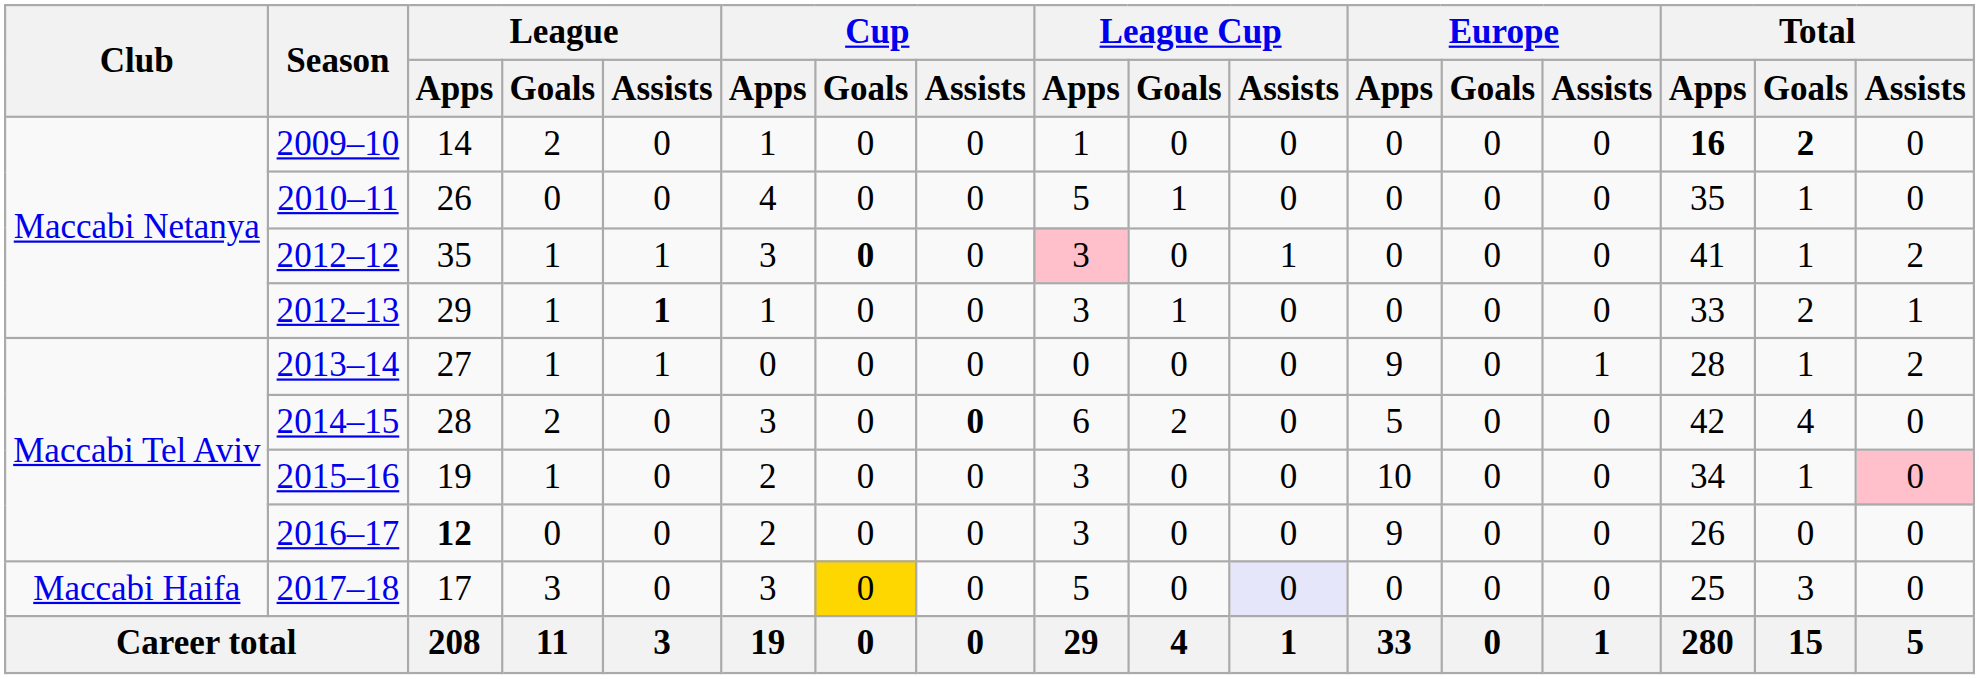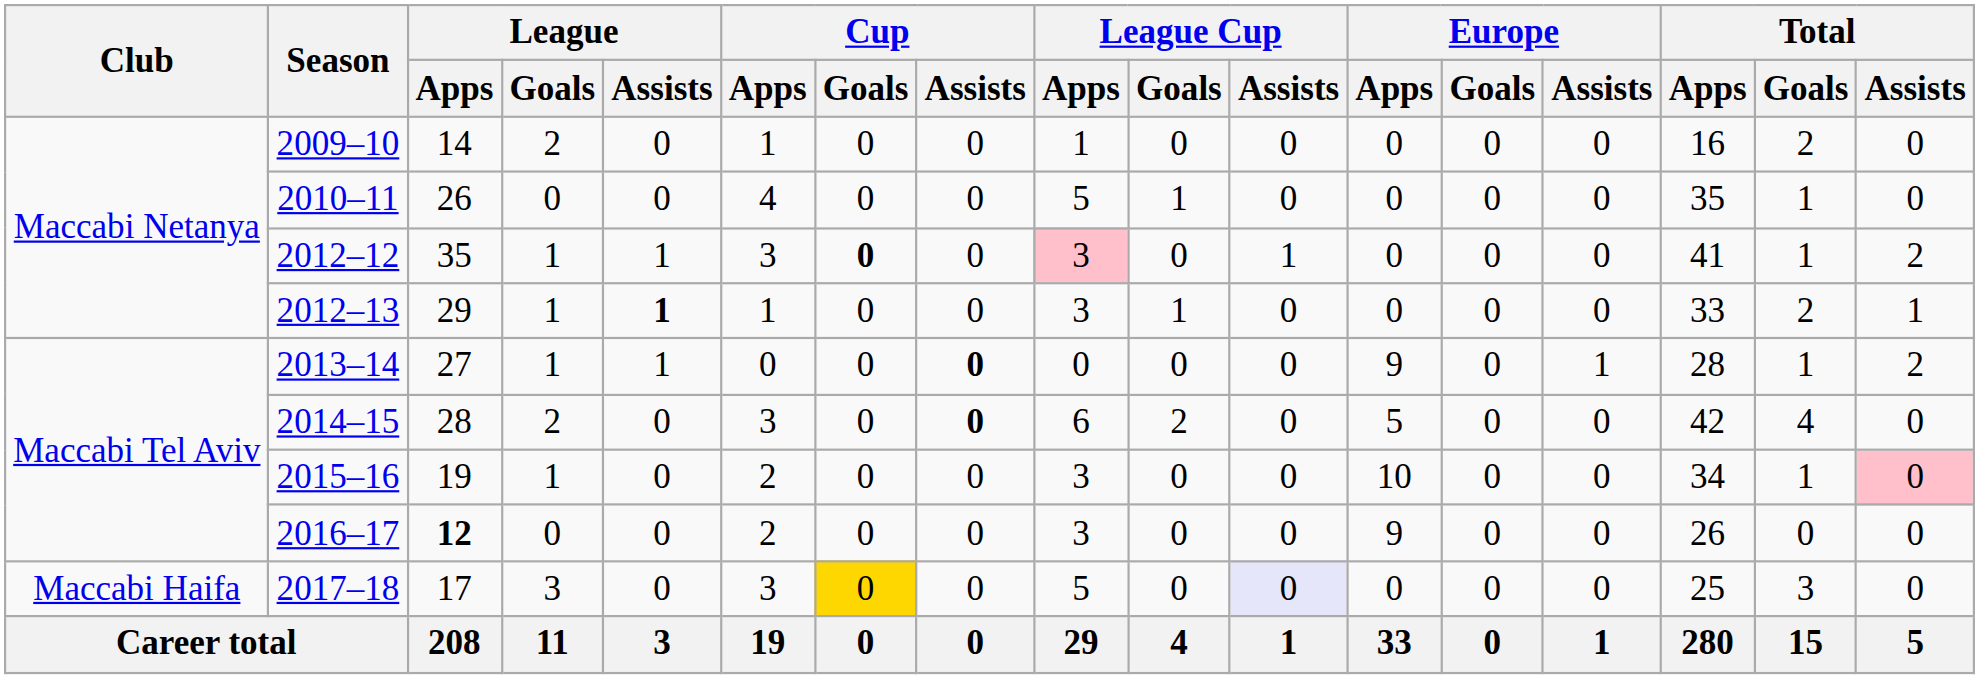 <table class="wikitable" style="text-align: center;">
 <tr>
 <th rowspan="2">Club</th>
 <th rowspan="2">Season</th>
 <th colspan="3">League</th>
 <th colspan="3"><a href='#'>Cup</a></th>
 <th colspan="3"><a href='#'>League Cup</a></th>
 <th colspan="3"><a href='#'>Europe</a></th>
 <th colspan="3">Total</th>
 </tr>
 <tr>
 <th>Apps</th>
 <th>Goals</th>
 <th>Assists</th>
 <th>Apps</th>
 <th>Goals</th>
 <th>Assists</th>
 <th>Apps</th>
 <th>Goals</th>
 <th>Assists</th>
 <th>Apps</th>
 <th>Goals</th>
 <th>Assists</th>
 <th>Apps</th>
 <th>Goals</th>
 <th>Assists</th>
 </tr>
 <tr |->
 <td rowspan="4"><a href='#'>Maccabi Netanya</a></td>
 <td><a href='#'>2009–10</a></td>
 <td>14</td>
 <td>2</td>
 <td>0</td>
 <td>1</td>
 <td>0</td>
 <td>0</td>
 <td>1</td>
 <td>0</td>
 <td>0</td>
 <td>0</td>
 <td>0</td>
 <td>0</td>
-<td><strong>16</strong></td>
-<td><strong>2</strong></td>
+<td>16</td>
+<td>2</td>
 <td>0</td>
 </tr>
 <tr>
 <td><a href='#'>2010–11</a></td>
 <td>26</td>
 <td>0</td>
 <td>0</td>
 <td>4</td>
 <td>0</td>
 <td>0</td>
 <td>5</td>
 <td>1</td>
 <td>0</td>
 <td>0</td>
 <td>0</td>
 <td>0</td>
 <td>35</td>
 <td>1</td>
 <td>0</td>
 </tr>
 <tr>
 <td><a href='#'>2012–12</a></td>
 <td>35</td>
 <td>1</td>
 <td>1</td>
 <td>3</td>
 <td><strong>0</strong></td>
 <td>0</td>
 <td style="background: pink;">3</td>
 <td>0</td>
 <td>1</td>
 <td>0</td>
 <td>0</td>
 <td>0</td>
 <td>41</td>
 <td>1</td>
 <td>2</td>
 </tr>
 <tr>
 <td><a href='#'>2012–13</a></td>
 <td>29</td>
 <td>1</td>
 <td><strong>1</strong></td>
 <td>1</td>
 <td>0</td>
 <td>0</td>
 <td>3</td>
 <td>1</td>
 <td>0</td>
 <td>0</td>
 <td>0</td>
 <td>0</td>
 <td>33</td>
 <td>2</td>
 <td>1</td>
 </tr>
 <tr>
 <td rowspan="4"><a href='#'>Maccabi Tel Aviv</a></td>
 <td><a href='#'>2013–14</a></td>
 <td>27</td>
 <td>1</td>
 <td>1</td>
 <td>0</td>
 <td>0</td>
-<td>0</td>
+<td><strong>0</strong></td>
 <td>0</td>
 <td>0</td>
 <td>0</td>
 <td>9</td>
 <td>0</td>
 <td>1</td>
 <td>28</td>
 <td>1</td>
 <td>2</td>
 </tr>
 <tr>
 <td><a href='#'>2014–15</a></td>
 <td>28</td>
 <td>2</td>
 <td>0</td>
 <td>3</td>
 <td>0</td>
 <td><strong>0</strong></td>
 <td>6</td>
 <td>2</td>
 <td>0</td>
 <td>5</td>
 <td>0</td>
 <td>0</td>
 <td>42</td>
 <td>4</td>
 <td>0</td>
 </tr>
 <tr>
 <td><a href='#'>2015–16</a></td>
 <td>19</td>
 <td>1</td>
 <td>0</td>
 <td>2</td>
 <td>0</td>
 <td>0</td>
 <td>3</td>
 <td>0</td>
 <td>0</td>
 <td>10</td>
 <td>0</td>
 <td>0</td>
 <td>34</td>
 <td>1</td>
 <td style="background: pink;">0</td>
 </tr>
 <tr>
 <td><a href='#'>2016–17</a></td>
 <td><strong>12</strong></td>
 <td>0</td>
 <td>0</td>
 <td>2</td>
 <td>0</td>
 <td>0</td>
 <td>3</td>
 <td>0</td>
 <td>0</td>
 <td>9</td>
 <td>0</td>
 <td>0</td>
 <td>26</td>
 <td>0</td>
 <td>0</td>
 </tr>
 <tr>
 <td rowspan="1"><a href='#'>Maccabi Haifa</a></td>
 <td><a href='#'>2017–18</a></td>
 <td>17</td>
 <td>3</td>
 <td>0</td>
 <td>3</td>
 <td style="background: gold;">0</td>
 <td>0</td>
 <td>5</td>
 <td>0</td>
 <td style="background: lavender;">0</td>
 <td>0</td>
 <td>0</td>
 <td>0</td>
 <td>25</td>
 <td>3</td>
 <td>0</td>
 </tr>
 <tr>
 <th colspan="2">Career total</th>
 <th>208</th>
 <th>11</th>
 <th>3</th>
 <th>19</th>
 <th>0</th>
 <th>0</th>
 <th>29</th>
 <th>4</th>
 <th>1</th>
 <th>33</th>
 <th>0</th>
 <th>1</th>
 <th>280</th>
 <th>15</th>
 <th>5</th>
 </tr>
 </table>
